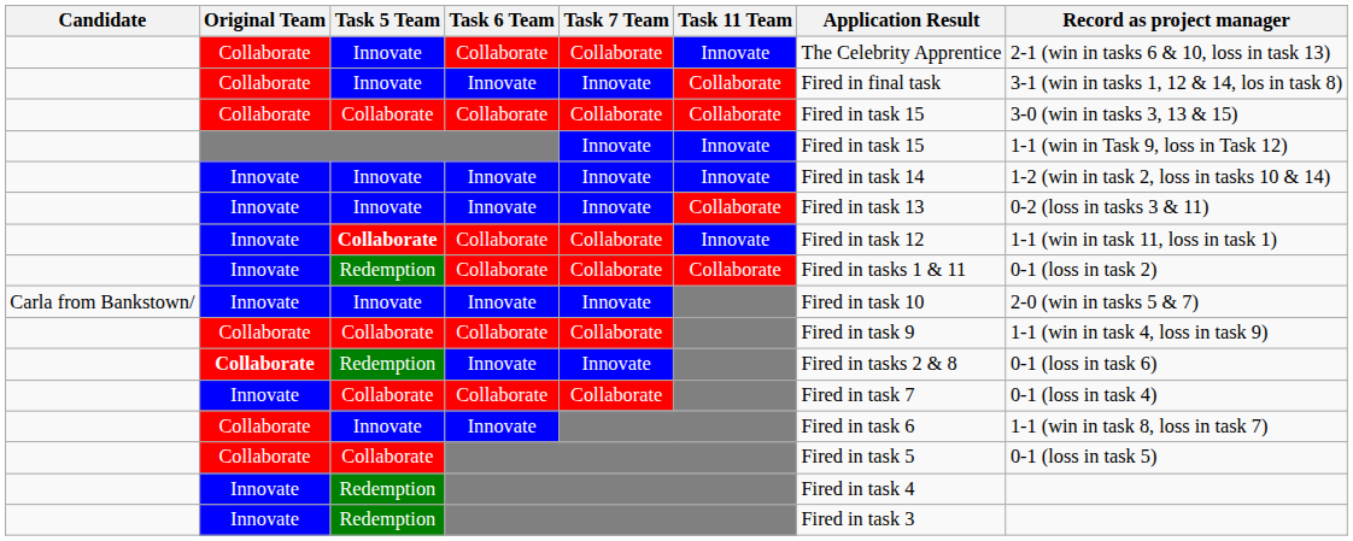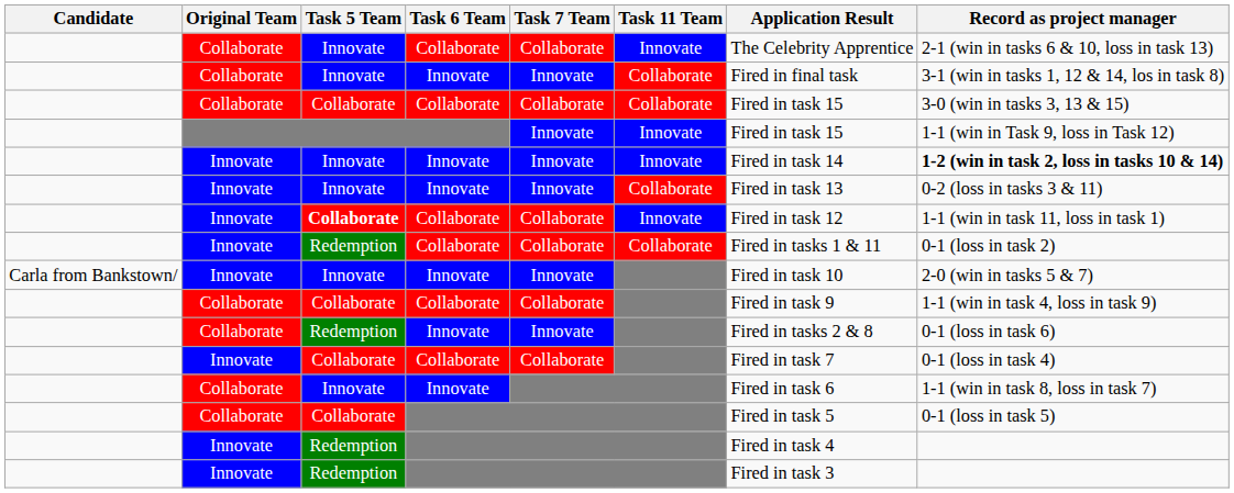 <table class="wikitable">
 <tr>
 <th>Candidate</th>
 <th>Original Team</th>
 <th>Task 5 Team</th>
 <th>Task 6 Team</th>
 <th>Task 7 Team</th>
 <th>Task 11 Team</th>
 <th>Application Result</th>
 <th>Record as project manager</th>
 </tr>
 <tr>
 <td></td>
 <td style="text-align:center; background:red;color:white;">Collaborate</td>
 <td style="text-align:center; background:blue;color:white;">Innovate</td>
 <td style="text-align:center; background:red;color:white;">Collaborate</td>
 <td style="text-align:center; background:red;color:white;">Collaborate</td>
 <td style="text-align:center; background:blue;color:white;">Innovate</td>
 <td>The Celebrity Apprentice</td>
 <td>2-1 (win in tasks 6 & 10, loss in task 13)</td>
 </tr>
 <tr>
 <td></td>
 <td style="text-align:center; background:red;color:white;">Collaborate</td>
 <td style="text-align:center; background:blue;color:white;">Innovate</td>
 <td style="text-align:center; background:blue;color:white;">Innovate</td>
 <td style="text-align:center; background:blue;color:white;">Innovate</td>
 <td style="text-align:center; background:red;color:white;">Collaborate</td>
 <td>Fired in final task</td>
 <td>3-1 (win in tasks 1, 12 & 14, los in task 8)</td>
 </tr>
 <tr>
 <td></td>
 <td style="text-align:center; background:red;color:white;">Collaborate</td>
 <td style="text-align:center; background:red;color:white;">Collaborate</td>
 <td style="text-align:center; background:red;color:white;">Collaborate</td>
 <td style="text-align:center; background:red;color:white;">Collaborate</td>
 <td style="text-align:center; background:red;color:white;">Collaborate</td>
 <td>Fired in task 15</td>
 <td>3-0 (win in tasks 3, 13 & 15)</td>
 </tr>
 <tr>
 <td></td>
 <td colspan="3" bgcolor="grey"></td>
 <td style="text-align:center; background:blue;color:white;">Innovate</td>
 <td style="text-align:center; background:blue;color:white;">Innovate</td>
 <td>Fired in task 15</td>
 <td>1-1 (win in Task 9, loss in Task 12)</td>
 </tr>
 <tr>
 <td></td>
 <td style="text-align:center; background:blue;color:white;">Innovate</td>
 <td style="text-align:center; background:blue;color:white;">Innovate</td>
 <td style="text-align:center; background:blue;color:white;">Innovate</td>
 <td style="text-align:center; background:blue;color:white;">Innovate</td>
 <td style="text-align:center; background:blue;color:white;">Innovate</td>
 <td>Fired in task 14</td>
-<td>1-2 (win in task 2, loss in tasks 10 & 14)</td>
+<td><strong>1-2 (win in task 2, loss in tasks 10 & 14)</strong></td>
 </tr>
 <tr>
 <td></td>
 <td style="text-align:center; background:blue;color:white;">Innovate</td>
 <td style="text-align:center; background:blue;color:white;">Innovate</td>
 <td style="text-align:center; background:blue;color:white;">Innovate</td>
 <td style="text-align:center; background:blue;color:white;">Innovate</td>
 <td style="text-align:center; background:red;color:white;">Collaborate</td>
 <td>Fired in task 13</td>
 <td>0-2 (loss in tasks 3 & 11)</td>
 </tr>
 <tr>
 <td></td>
 <td style="text-align:center; background:blue;color:white;">Innovate</td>
 <td style="text-align:center; background:red;color:white;"><strong>Collaborate</strong></td>
 <td style="text-align:center; background:red;color:white;">Collaborate</td>
 <td style="text-align:center; background:red;color:white;">Collaborate</td>
 <td style="text-align:center; background:blue;color:white;">Innovate</td>
 <td>Fired in task 12</td>
 <td>1-1 (win in task 11, loss in task 1)</td>
 </tr>
 <tr>
 <td></td>
 <td style="text-align:center; background:blue;color:white;">Innovate</td>
 <td style="text-align:center; background:green;color:white;">Redemption</td>
 <td style="text-align:center; background:red;color:white;">Collaborate</td>
 <td style="text-align:center; background:red;color:white;">Collaborate</td>
 <td style="text-align:center; background:red;color:white;">Collaborate</td>
 <td>Fired in tasks 1 & 11</td>
 <td>0-1 (loss in task 2)</td>
 </tr>
 <tr>
 <td>Carla from Bankstown/</td>
 <td style="text-align:center; background:blue;color:white;">Innovate</td>
 <td style="text-align:center; background:blue;color:white;">Innovate</td>
 <td style="text-align:center; background:blue;color:white;">Innovate</td>
 <td style="text-align:center; background:blue;color:white;">Innovate</td>
 <td colspan="1" bgcolor="grey"></td>
 <td>Fired in task 10</td>
 <td>2-0 (win in tasks 5 & 7)</td>
 </tr>
 <tr>
 <td></td>
 <td style="text-align:center; background:red;color:white;">Collaborate</td>
 <td style="text-align:center; background:red;color:white;">Collaborate</td>
 <td style="text-align:center; background:red;color:white;">Collaborate</td>
 <td style="text-align:center; background:red;color:white;">Collaborate</td>
 <td colspan="1" bgcolor="grey"></td>
 <td>Fired in task 9</td>
 <td>1-1 (win in task 4, loss in task 9)</td>
 </tr>
 <tr>
 <td></td>
-<td style="text-align:center; background:red;color:white;"><strong>Collaborate</strong></td>
+<td style="text-align:center; background:red;color:white;">Collaborate</td>
 <td style="text-align:center; background:green;color:white;">Redemption</td>
 <td style="text-align:center; background:blue;color:white;">Innovate</td>
 <td style="text-align:center; background:blue;color:white;">Innovate</td>
 <td colspan="1" bgcolor="grey"></td>
 <td>Fired in tasks 2 & 8</td>
 <td>0-1 (loss in task 6)</td>
 </tr>
 <tr>
 <td></td>
 <td style="text-align:center; background:blue;color:white;">Innovate</td>
 <td style="text-align:center; background:red;color:white;">Collaborate</td>
 <td style="text-align:center; background:red;color:white;">Collaborate</td>
 <td style="text-align:center; background:red;color:white;">Collaborate</td>
 <td colspan="1" bgcolor="grey"></td>
 <td>Fired in task 7</td>
 <td>0-1 (loss in task 4)</td>
 </tr>
 <tr>
 <td></td>
 <td style="text-align:center; background:red;color:white;">Collaborate</td>
 <td style="text-align:center; background:blue;color:white;">Innovate</td>
 <td style="text-align:center; background:blue;color:white;">Innovate</td>
 <td colspan="2" bgcolor="grey"></td>
 <td>Fired in task 6</td>
 <td>1-1 (win in task 8, loss in task 7)</td>
 </tr>
 <tr>
 <td></td>
 <td style="text-align:center; background:red;color:white;">Collaborate</td>
 <td style="text-align:center; background:red;color:white;">Collaborate</td>
 <td colspan="3" bgcolor="grey"></td>
 <td>Fired in task 5</td>
 <td>0-1 (loss in task 5)</td>
 </tr>
 <tr>
 <td></td>
 <td style="text-align:center; background:blue;color:white;">Innovate</td>
 <td style="text-align:center; background:green;color:white;">Redemption</td>
 <td colspan="3" bgcolor="grey"></td>
 <td>Fired in task 4</td>
 <td></td>
 </tr>
 <tr>
 <td></td>
 <td style="text-align:center; background:blue;color:white;">Innovate</td>
 <td style="text-align:center; background:green;color:white;">Redemption</td>
 <td colspan="3" bgcolor="grey"></td>
 <td>Fired in task 3</td>
 <td></td>
 </tr>
 </table>
